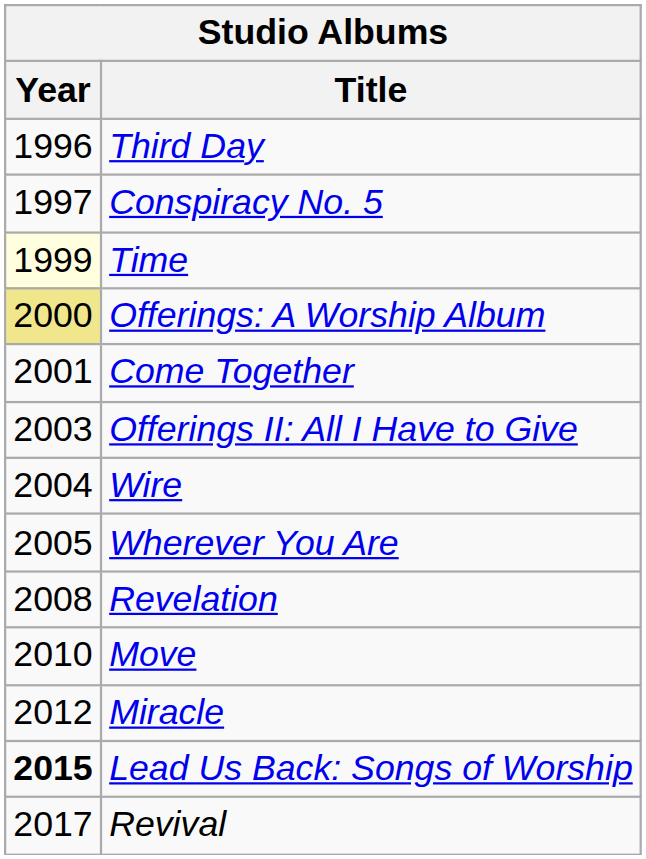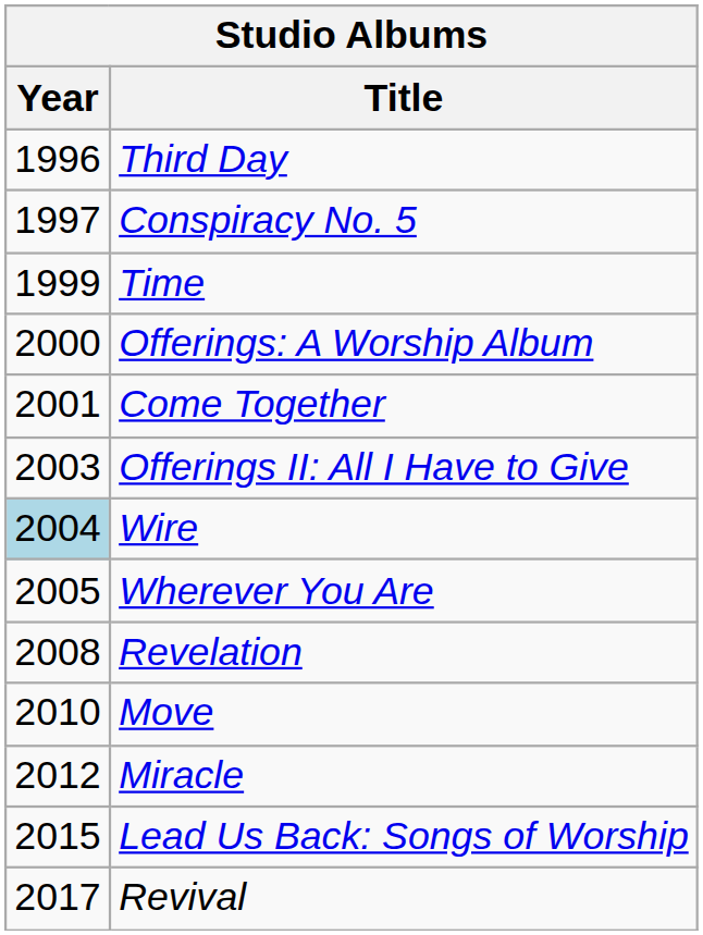 <table class="wikitable">
 <tr>
 <th colspan=2>Studio Albums</th>
 </tr>
 <tr>
 <th>Year</th>
 <th>Title</th>
 </tr>
 <tr>
 <td>1996</td>
 <td><em><a href='#'>Third Day</a></em></td>
 </tr>
 <tr>
 <td>1997</td>
 <td><em><a href='#'>Conspiracy No. 5</a></em></td>
 </tr>
 <tr>
-<td style="background: lightyellow;">1999</td>
+<td>1999</td>
 <td><em><a href='#'>Time</a></em></td>
 </tr>
 <tr>
-<td style="background: khaki;">2000</td>
+<td>2000</td>
 <td><em><a href='#'>Offerings: A Worship Album</a></em></td>
 </tr>
 <tr>
 <td>2001</td>
 <td><em><a href='#'>Come Together</a></em></td>
 </tr>
 <tr>
 <td>2003</td>
 <td><em><a href='#'>Offerings II: All I Have to Give</a></em></td>
 </tr>
 <tr>
-<td>2004</td>
+<td style="background: lightblue;">2004</td>
 <td><em><a href='#'>Wire</a></em></td>
 </tr>
 <tr>
 <td>2005</td>
 <td><em><a href='#'>Wherever You Are</a></em></td>
 </tr>
 <tr>
 <td>2008</td>
 <td><em><a href='#'>Revelation</a></em></td>
 </tr>
 <tr>
 <td>2010</td>
 <td><em><a href='#'>Move</a></em></td>
 </tr>
 <tr>
 <td>2012</td>
 <td><em><a href='#'>Miracle</a></em></td>
 </tr>
 <tr>
-<td><strong>2015</strong></td>
+<td>2015</td>
 <td><em><a href='#'>Lead Us Back: Songs of Worship</a></em></td>
 </tr>
 <tr>
 <td>2017</td>
 <td><em>Revival</em></td>
 </tr>
 </table>
